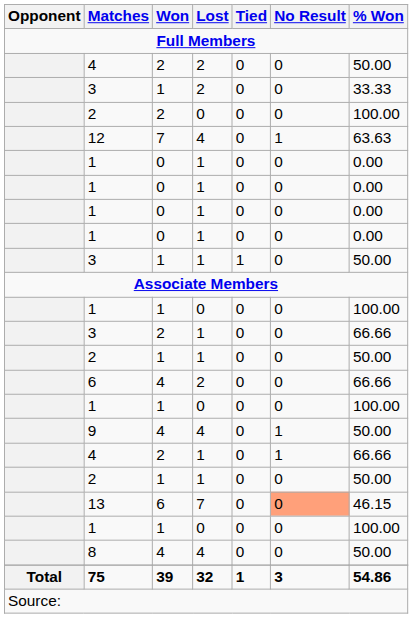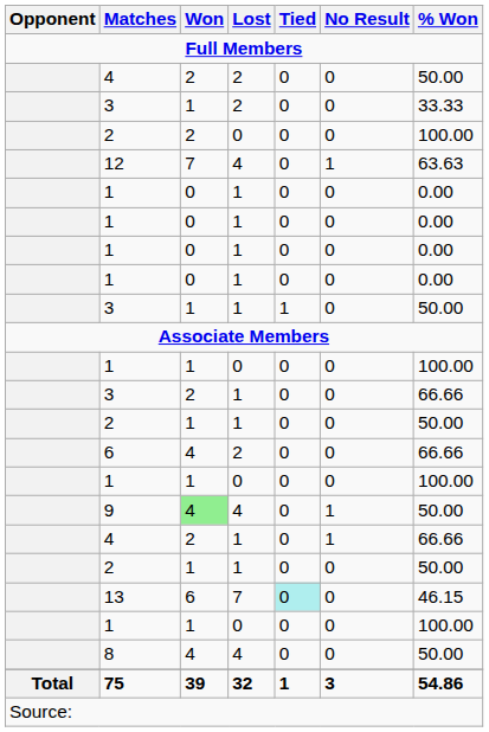 <table class="wikitable plainrowheaders sortable">
 <tr>
 <th scope="col">Opponent</th>
 <th scope="col"><a href='#'>Matches</a></th>
 <th scope="col"><a href='#'>Won</a></th>
 <th scope="col"><a href='#'>Lost</a></th>
 <th scope="col"><a href='#'>Tied</a></th>
 <th scope="col"><a href='#'>No Result</a></th>
 <th scope="col"><a href='#'>% Won</a></th>
 </tr>
 <tr>
 <td colspan="9" style="text-align: center;"><strong><a href='#'>Full Members</a></strong></td>
 </tr>
 <tr>
 <th scope="row"></th>
 <td>4</td>
 <td>2</td>
 <td>2</td>
 <td>0</td>
 <td>0</td>
 <td>50.00</td>
 </tr>
 <tr>
 <th scope="row"></th>
 <td>3</td>
 <td>1</td>
 <td>2</td>
 <td>0</td>
 <td>0</td>
 <td>33.33</td>
 </tr>
 <tr>
 <th scope="row"></th>
 <td>2</td>
 <td>2</td>
 <td>0</td>
 <td>0</td>
 <td>0</td>
 <td>100.00</td>
 </tr>
 <tr>
 <th scope="row"></th>
 <td>12</td>
 <td>7</td>
 <td>4</td>
 <td>0</td>
 <td>1</td>
 <td>63.63</td>
 </tr>
 <tr>
 <th scope="row"></th>
 <td>1</td>
 <td>0</td>
 <td>1</td>
 <td>0</td>
 <td>0</td>
 <td>0.00</td>
 </tr>
 <tr>
 <th scope="row"></th>
 <td>1</td>
 <td>0</td>
 <td>1</td>
 <td>0</td>
 <td>0</td>
 <td>0.00</td>
 </tr>
 <tr>
 <th scope="row"></th>
 <td>1</td>
 <td>0</td>
 <td>1</td>
 <td>0</td>
 <td>0</td>
 <td>0.00</td>
 </tr>
 <tr>
 <th scope="row"></th>
 <td>1</td>
 <td>0</td>
 <td>1</td>
 <td>0</td>
 <td>0</td>
 <td>0.00</td>
 </tr>
 <tr>
 <th scope="row"></th>
 <td>3</td>
 <td>1</td>
 <td>1</td>
 <td>1</td>
 <td>0</td>
 <td>50.00</td>
 </tr>
 <tr>
 <td colspan="10" style="text-align: center;"><strong><a href='#'>Associate Members</a></strong></td>
 </tr>
 <tr>
 <th scope="row"></th>
 <td>1</td>
 <td>1</td>
 <td>0</td>
 <td>0</td>
 <td>0</td>
 <td>100.00</td>
 </tr>
 <tr>
 <th scope="row"></th>
 <td>3</td>
 <td>2</td>
 <td>1</td>
 <td>0</td>
 <td>0</td>
 <td>66.66</td>
 </tr>
 <tr>
 <th scope="row"></th>
 <td>2</td>
 <td>1</td>
 <td>1</td>
 <td>0</td>
 <td>0</td>
 <td>50.00</td>
 </tr>
 <tr>
 <th scope="row"></th>
 <td>6</td>
 <td>4</td>
 <td>2</td>
 <td>0</td>
 <td>0</td>
 <td>66.66</td>
 </tr>
 <tr>
 <th scope="row"></th>
 <td>1</td>
 <td>1</td>
 <td>0</td>
 <td>0</td>
 <td>0</td>
 <td>100.00</td>
 </tr>
 <tr>
 <th scope="row"></th>
 <td>9</td>
-<td>4</td>
+<td style="background: lightgreen;">4</td>
 <td>4</td>
 <td>0</td>
 <td>1</td>
 <td>50.00</td>
 </tr>
 <tr>
 <th scope="row"></th>
 <td>4</td>
 <td>2</td>
 <td>1</td>
 <td>0</td>
 <td>1</td>
 <td>66.66</td>
 </tr>
 <tr>
 <th scope="row"></th>
 <td>2</td>
 <td>1</td>
 <td>1</td>
 <td>0</td>
 <td>0</td>
 <td>50.00</td>
 </tr>
 <tr>
 <th scope="row"></th>
 <td>13</td>
 <td>6</td>
 <td>7</td>
+<td style="background: paleturquoise;">0</td>
 <td>0</td>
-<td style="background: lightsalmon;">0</td>
 <td>46.15</td>
 </tr>
 <tr>
 <th scope="row"></th>
 <td>1</td>
 <td>1</td>
 <td>0</td>
 <td>0</td>
 <td>0</td>
 <td>100.00</td>
 </tr>
 <tr>
 <th scope="row"></th>
 <td>8</td>
 <td>4</td>
 <td>4</td>
 <td>0</td>
 <td>0</td>
 <td>50.00</td>
 </tr>
 <tr>
 </tr>
 <tr class="sortbottom">
 <th scope="row" style="text-align:center"><strong>Total</strong></th>
 <td><strong>75</strong></td>
 <td><strong>39</strong></td>
 <td><strong>32</strong></td>
 <td><strong>1</strong></td>
 <td><strong>3</strong></td>
 <td><strong>54.86</strong></td>
 </tr>
 <tr>
 <td colspan="10">Source:  </td>
 </tr>
 </table>
